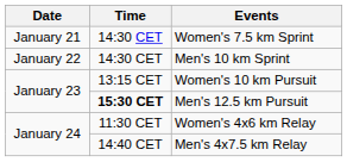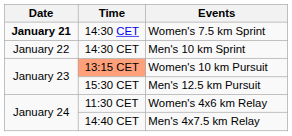 <table class="wikitable" style="text-align: center" width="400">
 <tr>
 <th>Date</th>
 <th>Time</th>
 <th>Events</th>
 </tr>
 <tr>
-<td>January 21</td>
+<td><strong>January 21</strong></td>
 <td>14:30 <a href='#'>CET</a></td>
 <td style="text-align: left">Women's 7.5 km Sprint</td>
 </tr>
 <tr>
 <td>January 22</td>
 <td>14:30 CET</td>
 <td style="text-align: left">Men's 10 km Sprint</td>
 </tr>
 <tr>
 <td rowspan=2>January 23</td>
-<td>13:15 CET</td>
+<td style="background: lightsalmon;">13:15 CET</td>
 <td style="text-align: left">Women's 10 km Pursuit</td>
 </tr>
 <tr>
-<td><strong>15:30 CET</strong></td>
+<td>15:30 CET</td>
 <td style="text-align: left">Men's 12.5 km Pursuit</td>
 </tr>
 <tr>
 <td rowspan=2>January 24</td>
 <td>11:30 CET</td>
 <td style="text-align: left">Women's 4x6 km Relay</td>
 </tr>
 <tr>
 <td>14:40 CET</td>
 <td style="text-align: left">Men's 4x7.5 km Relay</td>
 </tr>
 </table>
